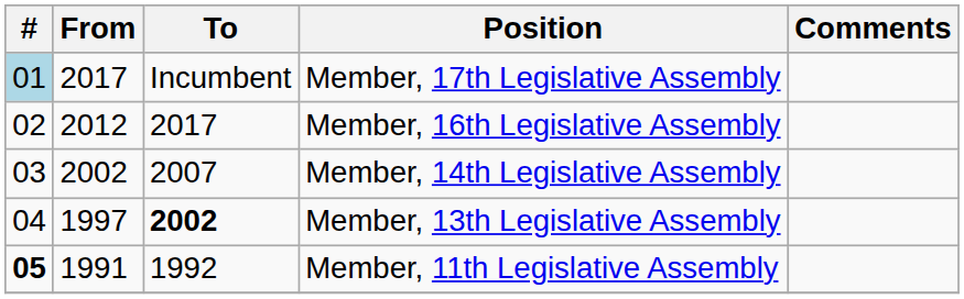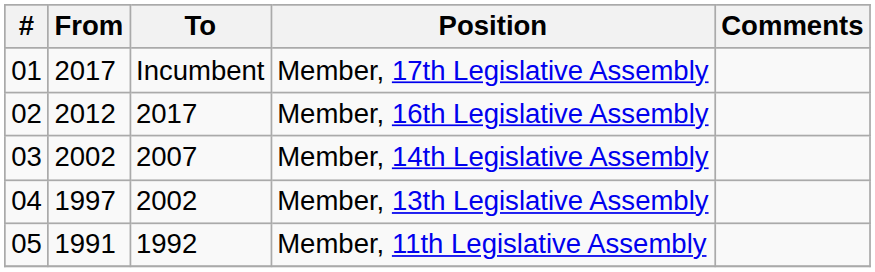 <table class="wikitable sortable">
 <tr>
 <th>#</th>
 <th>From</th>
 <th>To</th>
 <th>Position</th>
 <th>Comments</th>
 </tr>
 <tr>
-<td style="background: lightblue;">01</td>
+<td>01</td>
 <td>2017</td>
 <td>Incumbent</td>
 <td>Member, <a href='#'>17th Legislative Assembly</a></td>
 <td></td>
 </tr>
 <tr>
 <td>02</td>
 <td>2012</td>
 <td>2017</td>
 <td>Member, <a href='#'>16th Legislative Assembly</a></td>
 <td></td>
 </tr>
 <tr>
 <td>03</td>
 <td>2002</td>
 <td>2007</td>
 <td>Member, <a href='#'>14th Legislative Assembly</a></td>
 <td></td>
 </tr>
 <tr>
 <td>04</td>
 <td>1997</td>
-<td><strong>2002</strong></td>
+<td>2002</td>
 <td>Member, <a href='#'>13th Legislative Assembly</a></td>
 <td></td>
 </tr>
 <tr>
-<td><strong>05</strong></td>
+<td>05</td>
 <td>1991</td>
 <td>1992</td>
 <td>Member, <a href='#'>11th Legislative Assembly</a></td>
 <td></td>
 </tr>
 <tr>
 </tr>
 </table>
